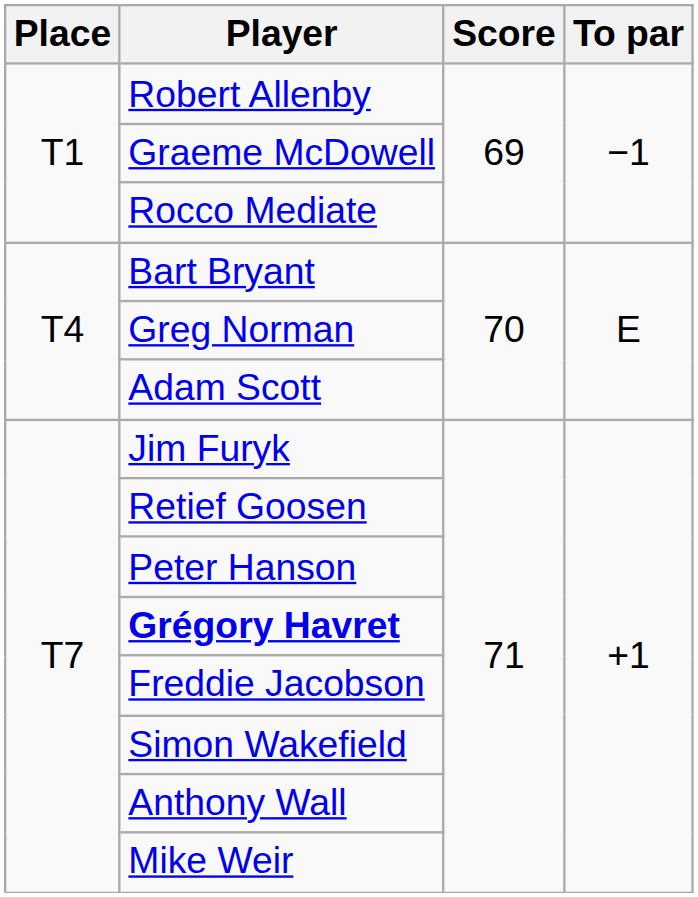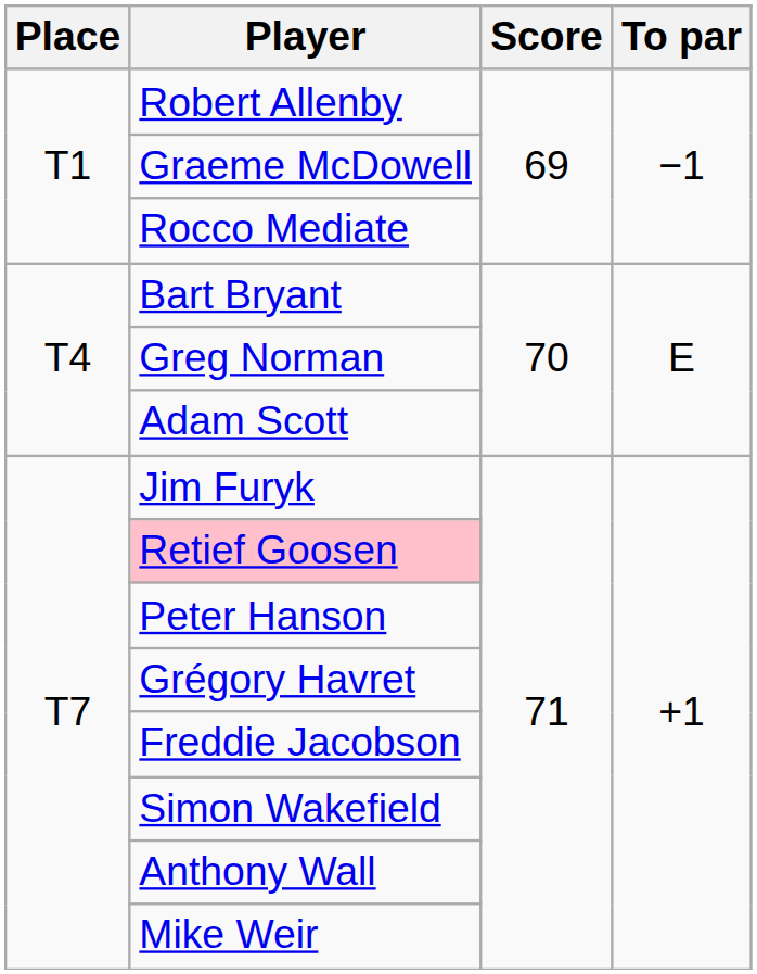 <table class="wikitable">
 <tr>
 <th>Place</th>
 <th>Player</th>
 <th>Score</th>
 <th>To par</th>
 </tr>
 <tr>
 <td rowspan="3" align=center>T1</td>
 <td> <a href='#'>Robert Allenby</a></td>
 <td rowspan="3" align=center>69</td>
 <td rowspan="3" align=center>−1</td>
 </tr>
 <tr>
 <td> <a href='#'>Graeme McDowell</a></td>
 </tr>
 <tr>
 <td> <a href='#'>Rocco Mediate</a></td>
 </tr>
 <tr>
 <td rowspan="3" align=center>T4</td>
 <td> <a href='#'>Bart Bryant</a></td>
 <td rowspan="3" align=center>70</td>
 <td rowspan="3" align=center>E</td>
 </tr>
 <tr>
 <td> <a href='#'>Greg Norman</a></td>
 </tr>
 <tr>
 <td> <a href='#'>Adam Scott</a></td>
 </tr>
 <tr>
 <td rowspan="8" align=center>T7</td>
 <td> <a href='#'>Jim Furyk</a></td>
 <td rowspan="8" align=center>71</td>
 <td rowspan="8" align=center>+1</td>
 </tr>
 <tr>
-<td> <a href='#'>Retief Goosen</a></td>
+<td style="background: pink;"> <a href='#'>Retief Goosen</a></td>
 </tr>
 <tr>
 <td> <a href='#'>Peter Hanson</a></td>
 </tr>
 <tr>
-<td><strong> <a href='#'>Grégory Havret</a></strong></td>
+<td> <a href='#'>Grégory Havret</a></td>
 </tr>
 <tr>
 <td> <a href='#'>Freddie Jacobson</a></td>
 </tr>
 <tr>
 <td> <a href='#'>Simon Wakefield</a></td>
 </tr>
 <tr>
 <td> <a href='#'>Anthony Wall</a></td>
 </tr>
 <tr>
 <td> <a href='#'>Mike Weir</a></td>
 </tr>
 </table>
